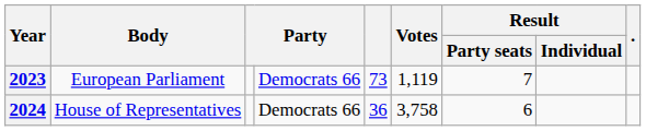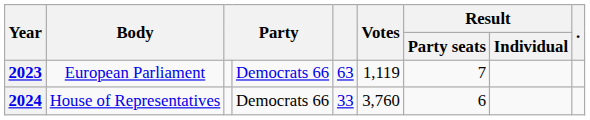 <table class="wikitable plainrowheaders sortable" border=2 cellpadding=4 cellspacing=0 style="border: 1px #aaa solid; font-size: 90%; text-align:center;">
 <tr>
 <th scope="col" rowspan=2>Year</th>
 <th scope="col" rowspan=2>Body</th>
 <th scope="col" colspan=2 rowspan=2>Party</th>
 <th scope="col" rowspan=2></th>
 <th scope="col" rowspan=2>Votes</th>
 <th scope="colgroup" colspan=2>Result</th>
 <th scope="col" rowspan=2 class="unsortable">.</th>
 </tr>
 <tr>
 <th scope="col">Party seats</th>
 <th scope="col">Individual</th>
 </tr>
 <tr>
 <th scope="row"><a href='#'>2023</a></th>
 <td><a href='#'>European Parliament</a></td>
 <td style="background-color:"></td>
 <td><a href='#'>Democrats 66</a></td>
-<td style=text-align:right><a href='#'>73</a></td>
+<td style=text-align:right><a href='#'>63</a></td>
 <td style=text-align:right>1,119</td>
 <td style=text-align:right>7</td>
 <td></td>
 <td></td>
 </tr>
 <tr>
 <th scope="row"><a href='#'>2024</a></th>
 <td><a href='#'>House of Representatives</a></td>
 <td style="background-color:"></td>
 <td>Democrats 66</td>
-<td style=text-align:right><a href='#'>36</a></td>
-<td style=text-align:right>3,758</td>
+<td style=text-align:right><a href='#'>33</a></td>
+<td style=text-align:right>3,760</td>
 <td style=text-align:right>6</td>
 <td></td>
 <td></td>
 </tr>
 </table>
